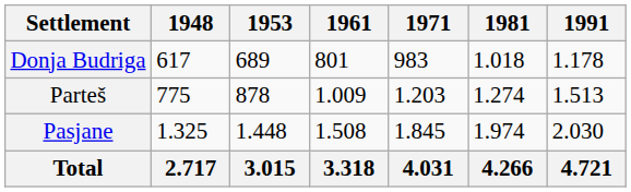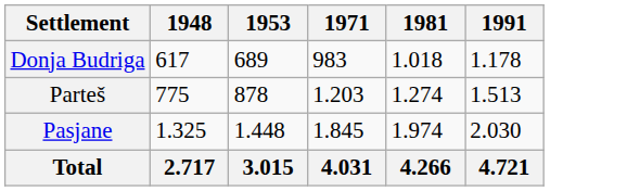 <table class="wikitable" border="1">
 <tr>
 <th>Settlement</th>
 <th style=width:3em>1948</th>
 <th style=width:3em>1953</th>
-<th style=width:3em>1961</th>
 <th style=width:3em>1971</th>
 <th style=width:3em>1981</th>
 <th style=width:3em>1991</th>
 </tr>
 <tr>
 <th style=font-weight:300><a href='#'>Donja Budriga</a></th>
 <td>617</td>
 <td>689</td>
-<td>801</td>
 <td>983</td>
 <td>1.018</td>
 <td>1.178</td>
 </tr>
 <tr>
 <th style=font-weight:300>Parteš</th>
 <td>775</td>
 <td>878</td>
-<td>1.009</td>
 <td>1.203</td>
 <td>1.274</td>
 <td>1.513</td>
 </tr>
 <tr>
 <th style=font-weight:300><a href='#'>Pasjane</a></th>
 <td>1.325</td>
 <td>1.448</td>
-<td>1.508</td>
 <td>1.845</td>
 <td>1.974</td>
 <td>2.030</td>
 </tr>
 <tr>
 <th>Total</th>
 <th>2.717</th>
 <th>3.015</th>
-<th>3.318</th>
 <th>4.031</th>
 <th>4.266</th>
 <th>4.721</th>
 </tr>
 </table>
